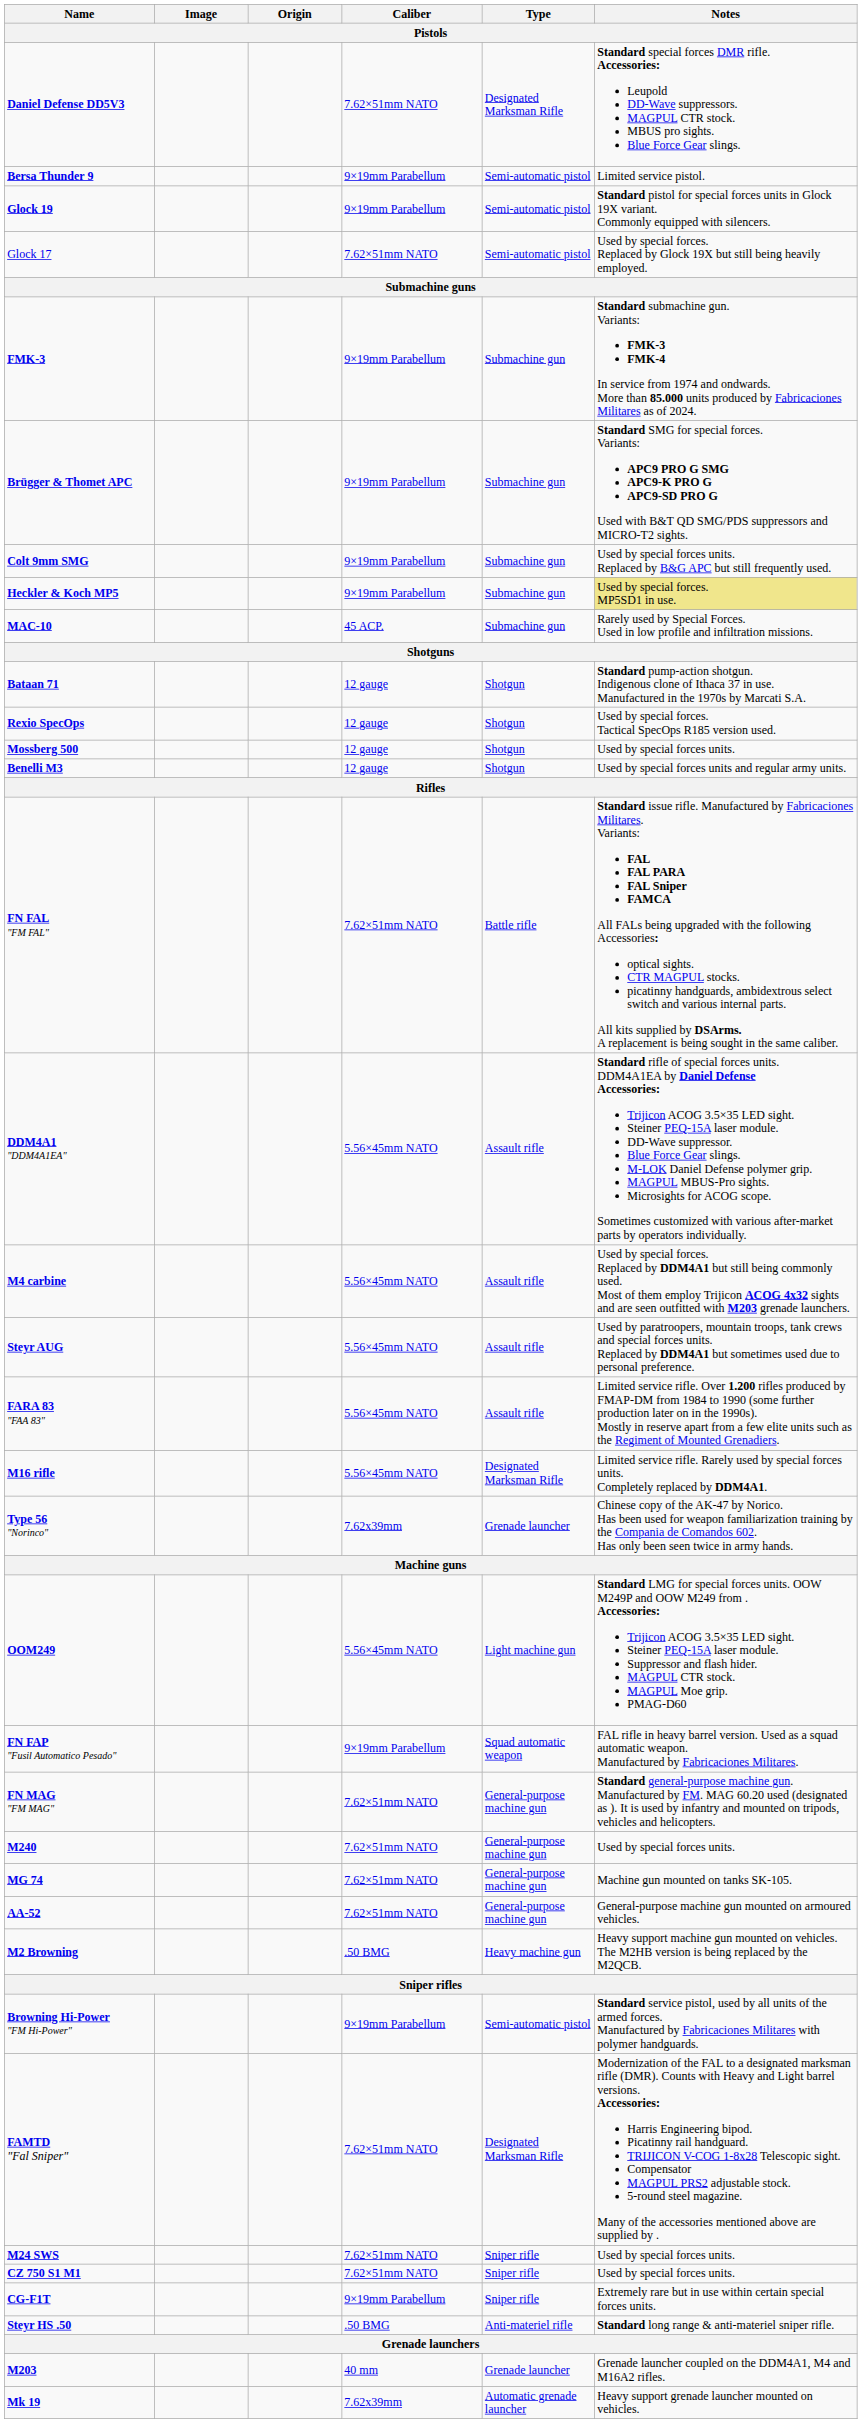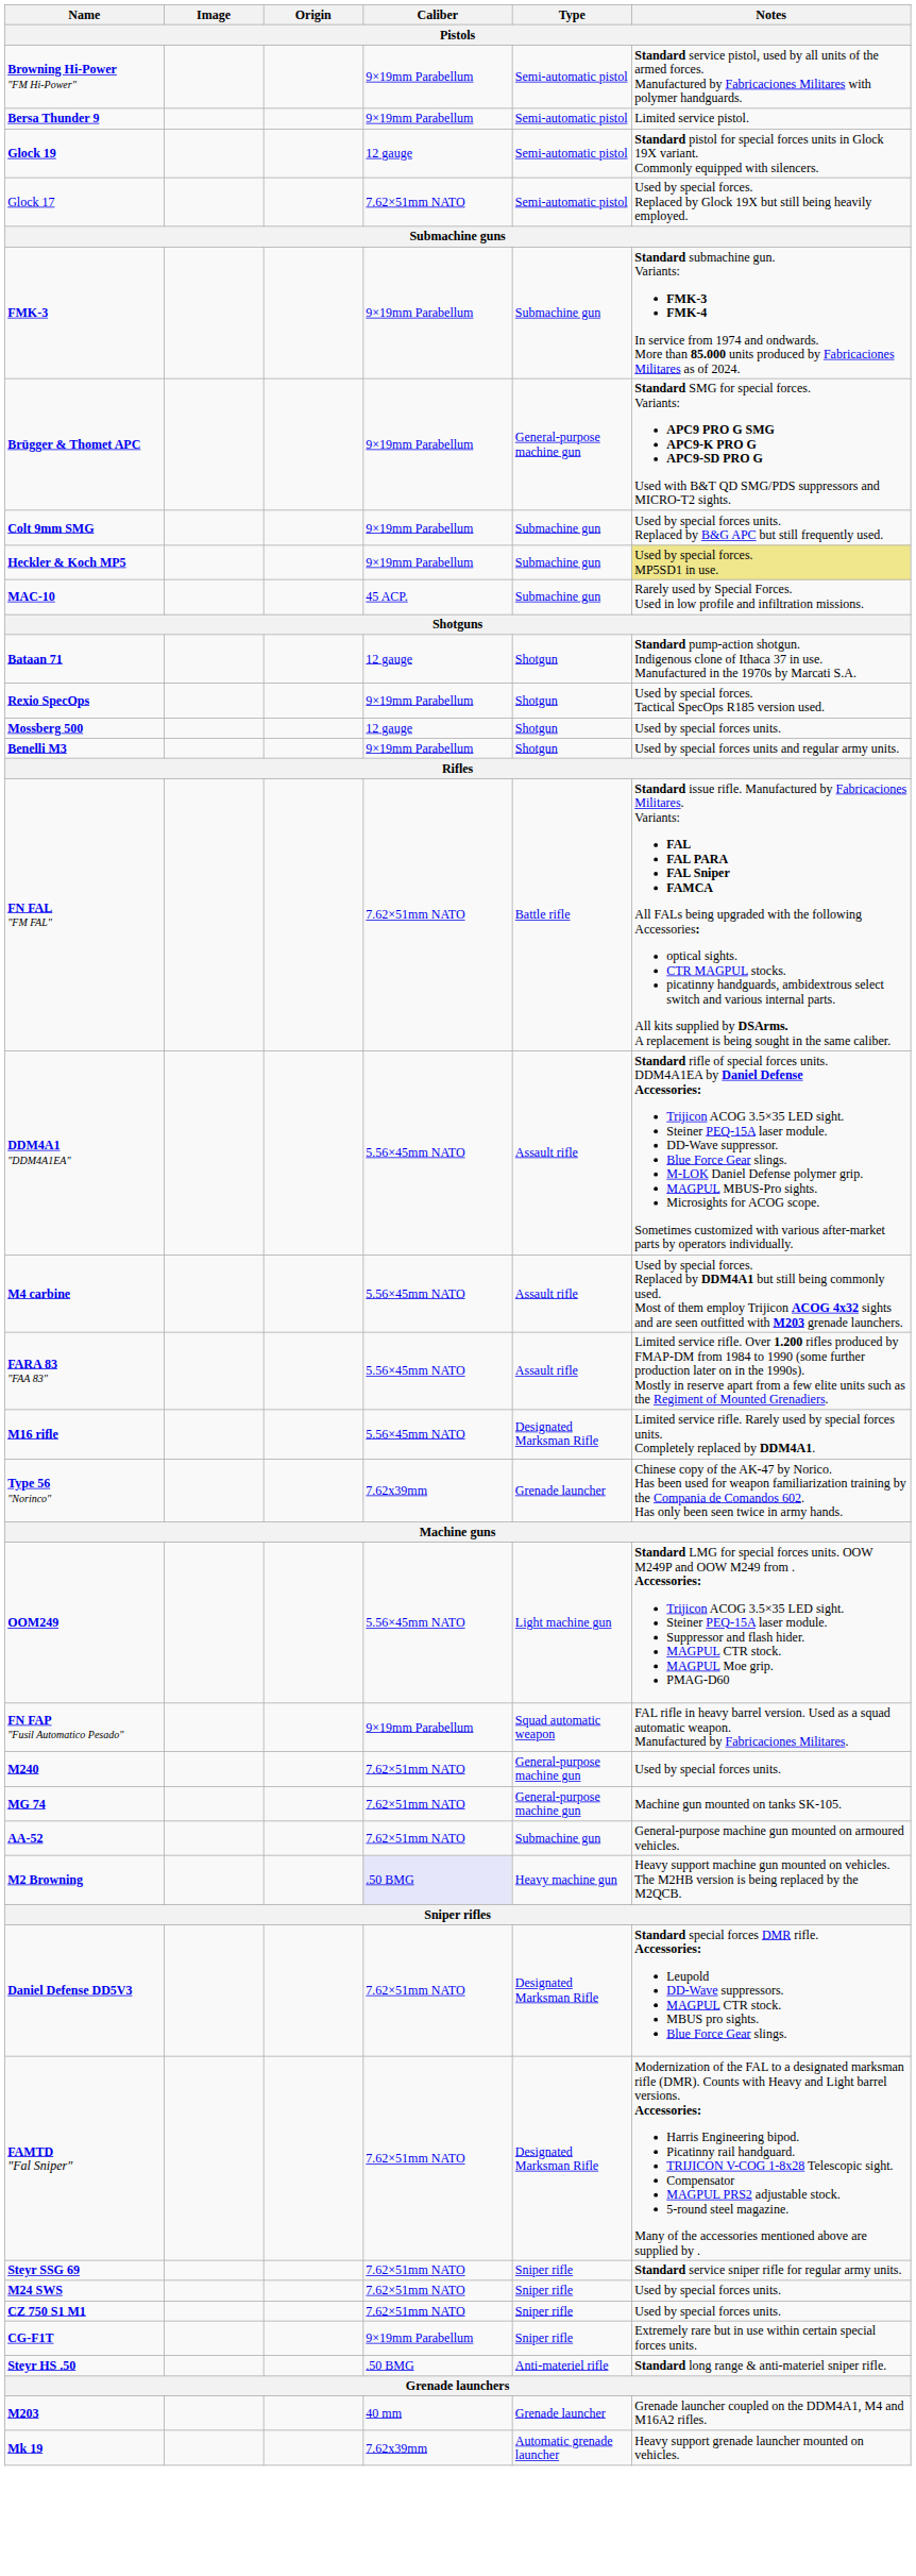 <table class="wikitable" style="width:90%;">
 <tr>
 <th width=16%>Name</th>
 <th width=10%>Image</th>
 <th width="10%">Origin</th>
 <th width="15%">Caliber</th>
 <th width=12%>Type</th>
 <th width=28%>Notes</th>
 </tr>
 <tr>
 <th colspan="6">Pistols</th>
 </tr>
 <tr>
-<td><a href='#'><strong>Daniel Defense DD5V3</strong></a></td>
+<td><strong><a href='#'>Browning Hi-Power</a></strong><br><small><em>"FM Hi-Power"</em></small></td>
 <td></td>
-<td></td>
-<td><a href='#'>7.62×51mm NATO</a></td>
-<td><a href='#'>Designated Marksman Rifle</a></td>
-<td><strong>Standard</strong> special forces <a href='#'>DMR</a> rifle.<br><strong>Accessories:</strong><ul><li>Leupold </li><li><a href='#'>DD-Wave</a> suppressors.</li><li><a href='#'>MAGPUL</a> CTR stock.</li><li>MBUS pro sights.</li><li><a href='#'>Blue Force Gear</a> slings.</li></ul></td>
+<td><br></td>
+<td><a href='#'>9×19mm Parabellum</a></td>
+<td><a href='#'>Semi-automatic pistol</a></td>
+<td><strong>Standard</strong> service pistol, used by all units of the armed forces.<br>Manufactured by <a href='#'>Fabricaciones Militares</a> with polymer handguards.</td>
 </tr>
 <tr>
 <td><strong><a href='#'>Bersa Thunder 9</a></strong></td>
 <td></td>
 <td></td>
 <td><a href='#'>9×19mm Parabellum</a></td>
 <td><a href='#'>Semi-automatic pistol</a></td>
 <td>Limited service pistol.</td>
 </tr>
 <tr>
 <td><strong><a href='#'>Glock 19</a></strong></td>
 <td></td>
 <td></td>
-<td><a href='#'>9×19mm Parabellum</a></td>
+<td><a href='#'>12 gauge</a></td>
 <td><a href='#'>Semi-automatic pistol</a></td>
 <td><strong>Standard</strong> pistol for special forces units in Glock 19X variant.<br>Commonly equipped with silencers.</td>
 </tr>
 <tr>
 <td><a href='#'>Glock 17</a></td>
 <td></td>
 <td></td>
 <td><a href='#'>7.62×51mm NATO</a></td>
 <td><a href='#'>Semi-automatic pistol</a></td>
 <td>Used by special forces.<br>Replaced by Glock 19X but still being heavily employed.</td>
 </tr>
 <tr>
 <th colspan="6">Submachine guns</th>
 </tr>
 <tr>
 <td><a href='#'><strong>FMK-3</strong></a></td>
 <td></td>
 <td></td>
 <td><a href='#'>9×19mm Parabellum</a></td>
 <td><a href='#'>Submachine gun</a></td>
 <td><strong>Standard</strong> submachine gun.<br>Variants:<ul><li><strong>FMK-3</strong></li><li><strong>FMK-4</strong></li></ul>In service from 1974 and ondwards.<br>More than <strong>85.000</strong> units produced by <a href='#'>Fabricaciones Militares</a> as of 2024.</td>
 </tr>
 <tr>
 <td><strong><a href='#'>Brügger & Thomet APC</a></strong></td>
 <td></td>
 <td></td>
 <td><a href='#'>9×19mm Parabellum</a></td>
-<td><a href='#'>Submachine gun</a></td>
+<td><a href='#'>General-purpose machine gun</a></td>
 <td><strong>Standard</strong> SMG for special forces.<br>Variants:<ul><li><strong>APC9 PRO G SMG</strong></li><li><strong>APC9-K PRO G</strong></li><li><strong>APC9-SD PRO G</strong></li></ul>Used with B&T QD SMG/PDS suppressors and MICRO-T2 sights. </td>
 </tr>
 <tr>
 <td><strong><a href='#'>Colt 9mm SMG</a></strong></td>
 <td></td>
 <td></td>
 <td><a href='#'>9×19mm Parabellum</a></td>
 <td><a href='#'>Submachine gun</a></td>
 <td>Used by special forces units.<br>Replaced by <a href='#'>B&G APC</a> but still frequently used.</td>
 </tr>
 <tr>
 <td><strong><a href='#'>Heckler & Koch MP5</a></strong></td>
 <td></td>
 <td></td>
 <td><a href='#'>9×19mm Parabellum</a></td>
 <td><a href='#'>Submachine gun</a></td>
 <td style="background: khaki;">Used by special forces.<br>MP5SD1 in use.</td>
 </tr>
 <tr>
 <td><strong><a href='#'>MAC-10</a></strong></td>
 <td></td>
 <td></td>
 <td><a href='#'>45 ACP.</a></td>
 <td><a href='#'>Submachine gun</a></td>
 <td>Rarely used by Special Forces.<br>Used in low profile and infiltration missions.</td>
 </tr>
 <tr>
 <th colspan="6">Shotguns</th>
 </tr>
 <tr>
 <td><a href='#'><strong>Bataan 71</strong></a></td>
 <td></td>
 <td><br></td>
 <td><a href='#'>12 gauge</a></td>
 <td><a href='#'>Shotgun</a></td>
 <td><strong>Standard</strong> pump-action shotgun.<br>Indigenous clone of Ithaca 37 in use.<br>Manufactured in the 1970s by Marcati S.A.</td>
 </tr>
 <tr>
 <td><strong><a href='#'>Rexio SpecOps</a></strong></td>
 <td></td>
 <td></td>
-<td><a href='#'>12 gauge</a></td>
+<td><a href='#'>9×19mm Parabellum</a></td>
 <td><a href='#'>Shotgun</a></td>
 <td>Used by special forces.<br>Tactical SpecOps R185 version used.</td>
 </tr>
 <tr>
 <td><strong><a href='#'>Mossberg 500</a></strong></td>
 <td></td>
 <td></td>
 <td><a href='#'>12 gauge</a></td>
 <td><a href='#'>Shotgun</a></td>
 <td>Used by special forces units.</td>
 </tr>
 <tr>
 <td><strong><a href='#'>Benelli M3</a></strong></td>
 <td></td>
 <td></td>
-<td><a href='#'>12 gauge</a></td>
+<td><a href='#'>9×19mm Parabellum</a></td>
 <td><a href='#'>Shotgun</a></td>
 <td>Used by special forces units and regular army units.</td>
 </tr>
 <tr>
 <th colspan="6">Rifles</th>
 </tr>
 <tr>
 <td><strong><a href='#'>FN FAL</a></strong><br><em><small>"FM FAL"</small></em></td>
 <td></td>
 <td><br></td>
 <td><a href='#'>7.62×51mm NATO</a></td>
 <td><a href='#'>Battle rifle</a></td>
 <td><strong>Standard</strong> issue rifle. Manufactured by <a href='#'>Fabricaciones Militares</a>.<br>Variants:<ul><li><strong>FAL</strong></li><li><strong>FAL PARA</strong></li><li><strong>FAL Sniper</strong></li><li><strong>FAMCA</strong></li></ul>All FALs being upgraded with the following Accessories<strong>:</strong><ul><li> optical sights.</li><li><a href='#'>CTR MAGPUL</a> stocks.</li><li> picatinny handguards, ambidextrous select switch and various internal parts.</li></ul>All kits supplied by <strong>DSArms.</strong><br>A replacement is being sought in the same caliber.</td>
 </tr>
 <tr>
 <td><a href='#'><strong>DDM4A1</strong></a><br><em><small>"DDM4A1EA"</small></em></td>
 <td></td>
 <td></td>
 <td><a href='#'>5.56×45mm NATO</a></td>
 <td><a href='#'>Assault rifle</a></td>
 <td><strong>Standard</strong> rifle of special forces units.<br>DDM4A1EA  by <strong><a href='#'>Daniel Defense</a></strong><br><strong>Accessories:</strong><ul><li><a href='#'>Trijicon</a> ACOG 3.5×35 LED sight.</li><li>Steiner <a href='#'>PEQ-15A</a> laser module.</li><li>DD-Wave suppressor.</li><li><a href='#'>Blue Force Gear</a> slings.</li><li><a href='#'>M-LOK</a> Daniel Defense polymer grip.</li><li><a href='#'>MAGPUL</a> MBUS-Pro sights.</li><li>Microsights for ACOG scope.</li></ul>Sometimes customized with various after-market parts by operators individually.</td>
 </tr>
 <tr>
 <td><strong><a href='#'>M4 carbine</a></strong></td>
 <td></td>
 <td></td>
 <td><a href='#'>5.56×45mm NATO</a></td>
 <td><a href='#'>Assault rifle</a></td>
 <td>Used by special forces.<br>Replaced by <strong>DDM4A1</strong> but still being commonly used.<br>Most of them employ Trijicon <strong><a href='#'>ACOG 4x32</a></strong> sights and are seen outfitted with <strong><a href='#'>M203</a></strong> grenade launchers.</td>
-</tr>
-<tr>
-<td><strong><a href='#'>Steyr AUG</a></strong></td>
-<td></td>
-<td></td>
-<td><a href='#'>5.56×45mm NATO</a></td>
-<td><a href='#'>Assault rifle</a></td>
-<td>Used by paratroopers, mountain troops, tank crews and special forces units.<br>Replaced by <strong>DDM4A1</strong> but sometimes used due to personal preference.</td>
 </tr>
 <tr>
 <td><strong><a href='#'>FARA 83</a></strong><br><small><em>"FAA 83"</em></small></td>
 <td></td>
 <td></td>
 <td><a href='#'>5.56×45mm NATO</a></td>
 <td><a href='#'>Assault rifle</a></td>
 <td>Limited service rifle. Over <strong>1.200</strong> rifles produced by FMAP-DM from 1984 to 1990 (some further production later on in the 1990s).<br>Mostly in reserve apart from a few elite units such as the <a href='#'>Regiment of Mounted Grenadiers</a>.</td>
 </tr>
 <tr>
 <td><strong><a href='#'>M16 rifle</a></strong></td>
 <td></td>
 <td></td>
 <td><a href='#'>5.56×45mm NATO</a></td>
 <td><a href='#'>Designated Marksman Rifle</a></td>
 <td>Limited service rifle. Rarely used by special forces units.<br>Completely replaced by <strong>DDM4A1</strong>.</td>
 </tr>
 <tr>
 <td><a href='#'><strong>Type 56</strong></a><br><small><em>"Norinco"</em></small></td>
 <td></td>
 <td></td>
 <td><a href='#'>7.62x39mm</a></td>
 <td><a href='#'>Grenade launcher</a></td>
 <td>Chinese copy of the AK-47 by Norico.<br>Has been used for weapon familiarization training by the <a href='#'>Compania de Comandos 602</a>.<br>Has only been seen twice in army hands.</td>
 </tr>
 <tr>
 <th colspan="6">Machine guns</th>
 </tr>
 <tr>
 <td><a href='#'><strong>OOM249</strong></a></td>
 <td></td>
 <td></td>
 <td><a href='#'>5.56×45mm NATO</a></td>
 <td><a href='#'>Light machine gun</a></td>
 <td><strong>Standard</strong> LMG for special forces units. OOW M249P and OOW M249 from <strong></strong>.<br><strong>Accessories:</strong><ul><li><a href='#'>Trijicon</a> ACOG 3.5×35 LED sight.</li><li>Steiner <a href='#'>PEQ-15A</a> laser module.</li><li>Suppressor and flash hider.</li><li><a href='#'>MAGPUL</a> CTR stock.</li><li><a href='#'>MAGPUL</a> Moe grip.</li><li>PMAG-D60</li></ul></td>
 </tr>
 <tr>
 <td><a href='#'><strong>FN FAP</strong></a><br><em><small>"Fusil Automatico Pesado"</small></em></td>
 <td></td>
 <td><br></td>
 <td><a href='#'>9×19mm Parabellum</a></td>
 <td><a href='#'>Squad automatic weapon</a></td>
 <td>FAL rifle in heavy barrel version. Used as a squad automatic weapon.<br>Manufactured by <a href='#'>Fabricaciones Militares</a>.</td>
 </tr>
 <tr>
-<td><strong><a href='#'>FN MAG</a></strong><br><em><small>"FM MAG"</small></em></td>
-<td></td>
-<td><br></td>
-<td><a href='#'>7.62×51mm NATO</a></td>
-<td><a href='#'>General-purpose machine gun</a></td>
-<td><strong>Standard</strong> <a href='#'>general-purpose machine gun</a>.<br>Manufactured by <a href='#'>FM</a>.  MAG 60.20 used (designated as ). It is used by infantry and mounted on tripods, vehicles and helicopters.</td>
-</tr>
-<tr>
 <td><a href='#'><strong>M240</strong></a></td>
 <td></td>
 <td></td>
 <td><a href='#'>7.62×51mm NATO</a></td>
 <td><a href='#'>General-purpose machine gun</a></td>
 <td>Used by special forces units.</td>
 </tr>
 <tr>
 <td><a href='#'><strong>MG 74</strong></a></td>
 <td></td>
 <td></td>
 <td><a href='#'>7.62×51mm NATO</a></td>
 <td><a href='#'>General-purpose machine gun</a></td>
 <td>Machine gun mounted on tanks SK-105.</td>
 </tr>
 <tr>
 <td><a href='#'><strong>AA-52</strong></a></td>
 <td></td>
 <td></td>
 <td><a href='#'>7.62×51mm NATO</a></td>
-<td><a href='#'>General-purpose machine gun</a></td>
+<td><a href='#'>Submachine gun</a></td>
 <td>General-purpose machine gun mounted on armoured vehicles.</td>
 </tr>
 <tr>
 <td><strong><a href='#'>M2 Browning</a></strong></td>
 <td></td>
 <td></td>
-<td><a href='#'>.50 BMG</a></td>
+<td style="background: lavender;"><a href='#'>.50 BMG</a></td>
 <td><a href='#'>Heavy machine gun</a></td>
 <td>Heavy support machine gun mounted on vehicles.<br>The M2HB version is being replaced by the M2QCB.</td>
 </tr>
 <tr>
 <th colspan="6">Sniper rifles</th>
 </tr>
 <tr>
-<td><strong><a href='#'>Browning Hi-Power</a></strong><br><small><em>"FM Hi-Power"</em></small></td>
+<td><a href='#'><strong>Daniel Defense DD5V3</strong></a></td>
 <td></td>
-<td><br></td>
-<td><a href='#'>9×19mm Parabellum</a></td>
-<td><a href='#'>Semi-automatic pistol</a></td>
-<td><strong>Standard</strong> service pistol, used by all units of the armed forces.<br>Manufactured by <a href='#'>Fabricaciones Militares</a> with polymer handguards.</td>
+<td></td>
+<td><a href='#'>7.62×51mm NATO</a></td>
+<td><a href='#'>Designated Marksman Rifle</a></td>
+<td><strong>Standard</strong> special forces <a href='#'>DMR</a> rifle.<br><strong>Accessories:</strong><ul><li>Leupold </li><li><a href='#'>DD-Wave</a> suppressors.</li><li><a href='#'>MAGPUL</a> CTR stock.</li><li>MBUS pro sights.</li><li><a href='#'>Blue Force Gear</a> slings.</li></ul></td>
 </tr>
 <tr>
 <td><a href='#'><strong>FAMTD</strong></a><br><em>"Fal Sniper"</em></td>
 <td></td>
 <td></td>
 <td><a href='#'>7.62×51mm NATO</a></td>
 <td><a href='#'>Designated Marksman Rifle</a></td>
 <td>Modernization of the FAL to a designated marksman rifle (DMR). Counts with Heavy and Light barrel versions.<br><strong>Accessories:</strong><ul><li>Harris Engineering bipod.</li><li>Picatinny rail handguard.</li><li><a href='#'>TRIJICON V-COG 1-8x28</a> Telescopic sight.</li><li>Compensator</li><li><a href='#'>MAGPUL PRS2</a> adjustable stock.</li><li>5-round steel magazine.</li></ul>Many of the accessories mentioned above are supplied by .</td>
+</tr>
+<tr>
+<td><strong><a href='#'>Steyr SSG 69</a></strong></td>
+<td></td>
+<td></td>
+<td><a href='#'>7.62×51mm NATO</a></td>
+<td><a href='#'>Sniper rifle</a></td>
+<td><strong>Standard</strong> service sniper rifle for regular army units.</td>
 </tr>
 <tr>
 <td><a href='#'><strong>M24 SWS</strong></a></td>
 <td></td>
 <td></td>
 <td><a href='#'>7.62×51mm NATO</a></td>
 <td><a href='#'>Sniper rifle</a></td>
 <td>Used by special forces units.</td>
 </tr>
 <tr>
 <td><a href='#'><strong>CZ 750 S1 M1</strong></a></td>
 <td></td>
 <td></td>
 <td><a href='#'>7.62×51mm NATO</a></td>
 <td><a href='#'>Sniper rifle</a></td>
 <td>Used by special forces units.</td>
 </tr>
 <tr>
 <td><a href='#'><strong>CG-F1T</strong></a></td>
 <td></td>
 <td></td>
 <td><a href='#'>9×19mm Parabellum</a></td>
 <td><a href='#'>Sniper rifle</a></td>
 <td>Extremely rare but in use within certain special forces units.</td>
 </tr>
 <tr>
 <td><strong><a href='#'>Steyr HS .50</a></strong></td>
 <td></td>
 <td></td>
 <td><a href='#'>.50 BMG</a></td>
 <td><a href='#'>Anti-materiel rifle</a></td>
 <td><strong>Standard</strong> long range & anti-materiel sniper rifle.</td>
 </tr>
 <tr>
 <th colspan="6">Grenade launchers</th>
 </tr>
 <tr>
 <td><a href='#'><strong>M203</strong></a></td>
 <td></td>
 <td></td>
 <td><a href='#'>40 mm</a></td>
 <td><a href='#'>Grenade launcher</a></td>
 <td>Grenade launcher coupled on the DDM4A1, M4 and M16A2 rifles.</td>
 </tr>
 <tr>
 <td><a href='#'><strong>Mk 19</strong></a></td>
 <td></td>
 <td></td>
 <td><a href='#'>7.62x39mm</a></td>
 <td><a href='#'>Automatic grenade launcher</a></td>
 <td>Heavy support grenade launcher mounted on vehicles.</td>
 </tr>
 </table>
